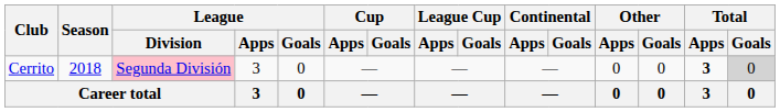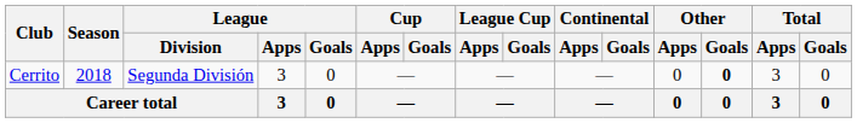 <table class="wikitable" style="text-align:center">
 <tr>
 <th rowspan="2">Club</th>
 <th rowspan="2">Season</th>
 <th colspan="3">League</th>
 <th colspan="2">Cup</th>
 <th colspan="2">League Cup</th>
 <th colspan="2">Continental</th>
 <th colspan="2">Other</th>
 <th colspan="2">Total</th>
 </tr>
 <tr>
 <th>Division</th>
 <th>Apps</th>
 <th>Goals</th>
 <th>Apps</th>
 <th>Goals</th>
 <th>Apps</th>
 <th>Goals</th>
 <th>Apps</th>
 <th>Goals</th>
 <th>Apps</th>
 <th>Goals</th>
 <th>Apps</th>
 <th>Goals</th>
 </tr>
 <tr>
 <td rowspan="1"><a href='#'>Cerrito</a></td>
 <td><a href='#'>2018</a></td>
-<td rowspan="1" style="background: pink;"><a href='#'>Segunda División</a></td>
+<td rowspan="1"><a href='#'>Segunda División</a></td>
 <td>3</td>
 <td>0</td>
 <td colspan="2">—</td>
 <td colspan="2">—</td>
 <td colspan="2">—</td>
 <td>0</td>
+<td><strong>0</strong></td>
+<td>3</td>
 <td>0</td>
-<td><strong>3</strong></td>
-<td style="background: lightgrey;">0</td>
 </tr>
 <tr>
 <th colspan="3">Career total</th>
 <th>3</th>
 <th>0</th>
 <th colspan="2">—</th>
 <th colspan="2">—</th>
 <th colspan="2">—</th>
 <th>0</th>
 <th>0</th>
 <th>3</th>
 <th>0</th>
 </tr>
 </table>
